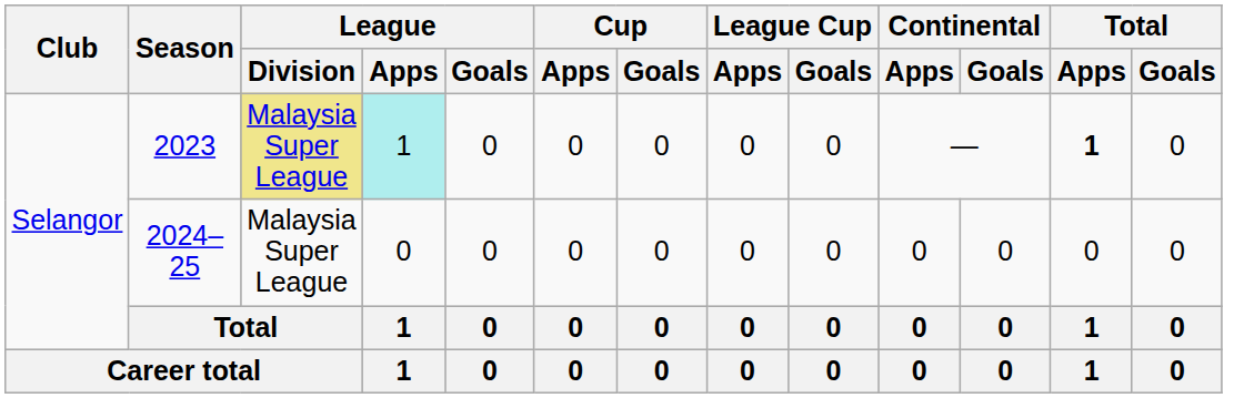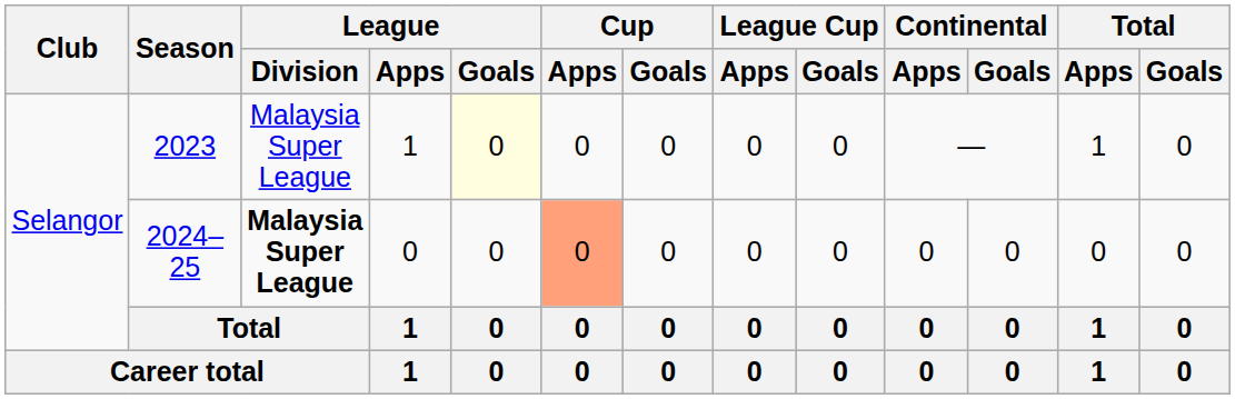 <table class="wikitable" style="text-align: center;">
 <tr>
 <th rowspan="2">Club</th>
 <th rowspan="2">Season</th>
 <th colspan="3">League</th>
 <th colspan="2">Cup</th>
 <th colspan="2">League Cup</th>
 <th colspan="2">Continental</th>
 <th colspan="2">Total</th>
 </tr>
 <tr>
 <th>Division</th>
 <th>Apps</th>
 <th>Goals</th>
 <th>Apps</th>
 <th>Goals</th>
 <th>Apps</th>
 <th>Goals</th>
 <th>Apps</th>
 <th>Goals</th>
 <th>Apps</th>
 <th>Goals</th>
 </tr>
 <tr>
 <td rowspan="3"><a href='#'>Selangor</a></td>
 <td><a href='#'>2023</a></td>
-<td style="background: khaki;"><a href='#'>Malaysia Super League</a></td>
-<td style="background: paleturquoise;">1</td>
-<td>0</td>
+<td><a href='#'>Malaysia Super League</a></td>
+<td>1</td>
+<td style="background: lightyellow;">0</td>
 <td>0</td>
 <td>0</td>
 <td>0</td>
 <td>0</td>
 <td colspan=2>—</td>
-<td><strong>1</strong></td>
+<td>1</td>
 <td>0</td>
 </tr>
 <tr>
 <td><a href='#'>2024–25</a></td>
-<td>Malaysia Super League</td>
+<td><strong>Malaysia Super League</strong></td>
 <td>0</td>
 <td>0</td>
-<td>0</td>
+<td style="background: lightsalmon;">0</td>
 <td>0</td>
 <td>0</td>
 <td>0</td>
 <td>0</td>
 <td>0</td>
 <td>0</td>
 <td>0</td>
 </tr>
 <tr>
 <th colspan="2">Total</th>
 <th>1</th>
 <th>0</th>
 <th>0</th>
 <th>0</th>
 <th>0</th>
 <th>0</th>
 <th>0</th>
 <th>0</th>
 <th>1</th>
 <th>0</th>
 </tr>
 <tr>
 <th colspan="3">Career total</th>
 <th>1</th>
 <th>0</th>
 <th>0</th>
 <th>0</th>
 <th>0</th>
 <th>0</th>
 <th>0</th>
 <th>0</th>
 <th>1</th>
 <th>0</th>
 </tr>
 </table>
